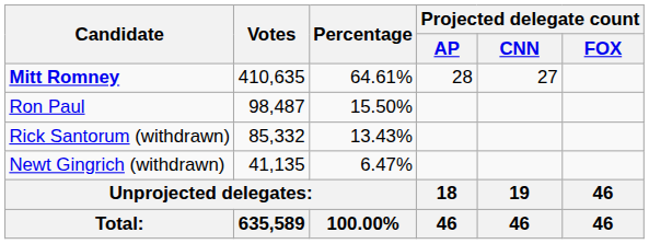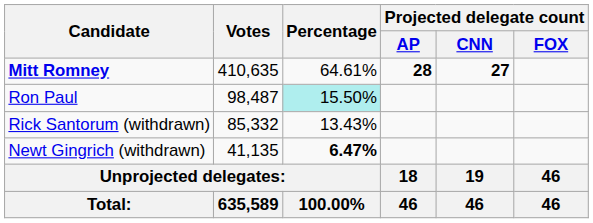 <table class="wikitable" style="text-align:right;">
 <tr>
 <th rowspan="2">Candidate</th>
 <th rowspan="2">Votes</th>
 <th rowspan="2">Percentage</th>
 <th colspan="3">Projected delegate count</th>
 </tr>
 <tr>
 <th><a href='#'>AP</a></th>
 <th><a href='#'>CNN</a><br></th>
 <th><a href='#'>FOX</a><br></th>
 </tr>
 <tr>
 <td style="text-align:left;"> <strong><a href='#'>Mitt Romney</a></strong></td>
 <td>410,635</td>
 <td>64.61%</td>
-<td>28</td>
-<td>27</td>
+<td><strong>28</strong></td>
+<td><strong>27</strong></td>
 <td></td>
 </tr>
 <tr>
 <td style="text-align:left;"><a href='#'>Ron Paul</a></td>
 <td>98,487</td>
-<td>15.50%</td>
+<td style="background: paleturquoise;">15.50%</td>
 <td></td>
 <td></td>
 <td></td>
 </tr>
 <tr>
 <td style="text-align:left;"><a href='#'>Rick Santorum</a> (withdrawn)</td>
 <td>85,332</td>
 <td>13.43%</td>
 <td></td>
 <td></td>
 <td></td>
 </tr>
 <tr>
 <td style="text-align:left;"><a href='#'>Newt Gingrich</a> (withdrawn)</td>
 <td>41,135</td>
-<td>6.47%</td>
+<td><strong>6.47%</strong></td>
 <td></td>
 <td></td>
 <td></td>
 </tr>
 <tr style="background:#eee;">
 <th colspan="3">Unprojected delegates:</th>
 <th>18</th>
 <th>19</th>
 <th>46</th>
 </tr>
 <tr style="background:#eee;">
 <th>Total:</th>
 <th>635,589</th>
 <th>100.00%</th>
 <th>46</th>
 <th>46</th>
 <th>46</th>
 </tr>
 </table>
